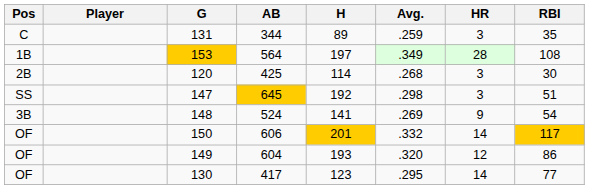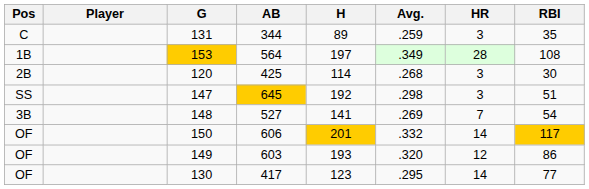 <table class="wikitable sortable">
 <tr>
 <th bgcolor="#DDDDFF" width="5%">Pos</th>
 <th bgcolor="#DDDDFF" width="16%">Player</th>
 <th bgcolor="#DDDDFF" width="9%">G</th>
 <th bgcolor="#DDDDFF" width="9%">AB</th>
 <th bgcolor="#DDDDFF" width="9%">H</th>
 <th bgcolor="#DDDDFF" width="9%">Avg.</th>
 <th bgcolor="#DDDDFF" width="9%">HR</th>
 <th bgcolor="#DDDDFF" width="9%">RBI</th>
 </tr>
 <tr align="center">
 <td>C</td>
 <td></td>
 <td>131</td>
 <td>344</td>
 <td>89</td>
 <td>.259</td>
 <td>3</td>
 <td>35</td>
 </tr>
 <tr align="center">
 <td>1B</td>
 <td></td>
 <td style="background:#fc0;">153</td>
 <td>564</td>
 <td>197</td>
 <td style="background:#DDFFDD;">.349</td>
 <td style="background:#DDFFDD;">28</td>
 <td>108</td>
 </tr>
 <tr align="center">
 <td>2B</td>
 <td></td>
 <td>120</td>
 <td>425</td>
 <td>114</td>
 <td>.268</td>
 <td>3</td>
 <td>30</td>
 </tr>
 <tr align="center">
 <td>SS</td>
 <td></td>
 <td>147</td>
 <td style="background:#fc0;">645</td>
 <td>192</td>
 <td>.298</td>
 <td>3</td>
 <td>51</td>
 </tr>
 <tr align="center">
 <td>3B</td>
 <td></td>
 <td>148</td>
-<td>524</td>
+<td>527</td>
 <td>141</td>
 <td>.269</td>
-<td>9</td>
+<td>7</td>
 <td>54</td>
 </tr>
 <tr align="center">
 <td>OF</td>
 <td></td>
 <td>150</td>
 <td>606</td>
 <td style="background:#fc0;">201</td>
 <td>.332</td>
 <td>14</td>
 <td style="background:#fc0;">117</td>
 </tr>
 <tr align="center">
 <td>OF</td>
 <td></td>
 <td>149</td>
-<td>604</td>
+<td>603</td>
 <td>193</td>
 <td>.320</td>
 <td>12</td>
 <td>86</td>
 </tr>
 <tr align="center">
 <td>OF</td>
 <td></td>
 <td>130</td>
 <td>417</td>
 <td>123</td>
 <td>.295</td>
 <td>14</td>
 <td>77</td>
 </tr>
 </table>
